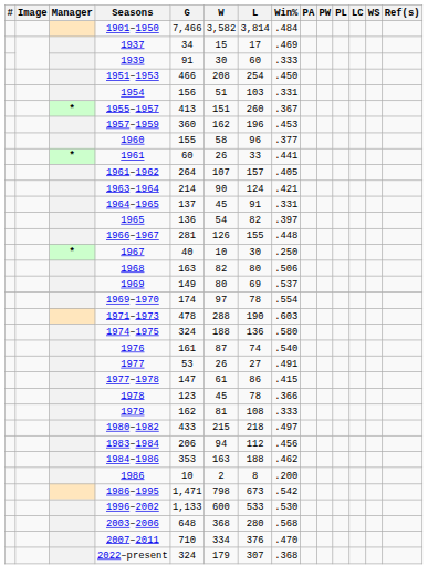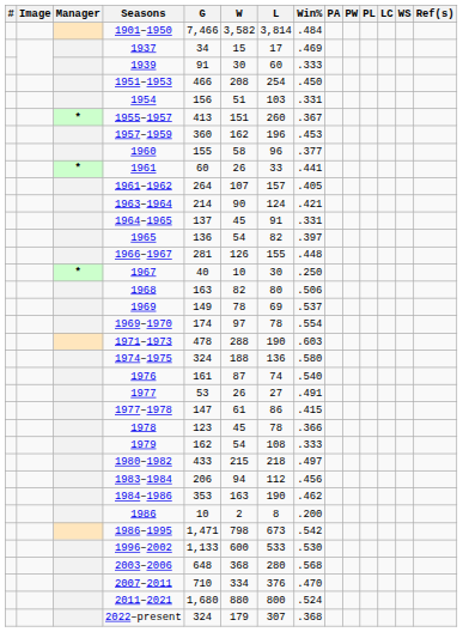 <table class="wikitable sortable plainrowheaders" style="text-align:center">
 <tr>
 <th scope="col">#</th>
 <th scope="col">Image</th>
 <th scope="col">Manager</th>
 <th scope="col">Seasons</th>
 <th scope="col">G</th>
 <th scope="col">W</th>
 <th scope="col">L</th>
 <th scope="col">Win%</th>
 <th scope="col">PA</th>
 <th scope="col">PW</th>
 <th scope="col">PL</th>
 <th scope="col">LC</th>
 <th scope="col">WS</th>
 <th scope="col" class="unsortable">Ref(s)</th>
 </tr>
 <tr>
 <td align="center"></td>
 <td></td>
 <th scope="row" style="background-color:#FFE6BD; text-align: center;"><sup></sup></th>
 <td><a href='#'>1901</a>–<a href='#'>1950</a></td>
 <td>7,466</td>
 <td>3,582</td>
 <td>3,814</td>
 <td>.484</td>
 <td></td>
 <td></td>
 <td></td>
 <td></td>
 <td></td>
 <td></td>
 </tr>
 <tr>
 <td align="center"></td>
 <td rowspan=2></td>
 <th scope="row" style="text-align: center;"></th>
 <td><a href='#'>1937</a></td>
 <td>34</td>
 <td>15</td>
 <td>17</td>
 <td>.469</td>
 <td></td>
 <td></td>
 <td></td>
 <td></td>
 <td></td>
 <td></td>
 </tr>
 <tr>
 <td align="center"></td>
 <th scope="row" style="text-align: center;"></th>
 <td><a href='#'>1939</a></td>
 <td>91</td>
 <td>30</td>
 <td>60</td>
 <td>.333</td>
 <td></td>
 <td></td>
 <td></td>
 <td></td>
 <td></td>
 <td></td>
 </tr>
 <tr>
 <td align="center"></td>
 <td></td>
 <th scope="row" style="text-align: center;"></th>
 <td><a href='#'>1951</a>–<a href='#'>1953</a></td>
 <td>466</td>
 <td>208</td>
 <td>254</td>
 <td>.450</td>
 <td></td>
 <td></td>
 <td></td>
 <td></td>
 <td></td>
 <td></td>
 </tr>
 <tr>
 <td align="center"></td>
 <td></td>
 <th scope="row" style="text-align: center;"></th>
 <td><a href='#'>1954</a></td>
 <td>156</td>
 <td>51</td>
 <td>103</td>
 <td>.331</td>
 <td></td>
 <td></td>
 <td></td>
 <td></td>
 <td></td>
 <td></td>
 </tr>
 <tr>
 <td align="center"></td>
 <td></td>
 <th scope="row" style="background-color:#CCFFCC; text-align: center;">*</th>
 <td><a href='#'>1955</a>–<a href='#'>1957</a></td>
 <td>413</td>
 <td>151</td>
 <td>260</td>
 <td>.367</td>
 <td></td>
 <td></td>
 <td></td>
 <td></td>
 <td></td>
 <td></td>
 </tr>
 <tr>
 <td align="center"></td>
 <td></td>
 <th scope="row" style="text-align: center;"></th>
 <td><a href='#'>1957</a>–<a href='#'>1959</a></td>
 <td>360</td>
 <td>162</td>
 <td>196</td>
 <td>.453</td>
 <td></td>
 <td></td>
 <td></td>
 <td></td>
 <td></td>
 <td></td>
 </tr>
 <tr>
 <td align="center"></td>
 <td></td>
 <th scope="row" style="text-align: center;"></th>
 <td><a href='#'>1960</a></td>
 <td>155</td>
 <td>58</td>
 <td>96</td>
 <td>.377</td>
 <td></td>
 <td></td>
 <td></td>
 <td></td>
 <td></td>
 <td></td>
 </tr>
 <tr>
 <td align="center"></td>
 <td></td>
 <th scope="row" style="background-color:#CCFFCC; text-align: center;">*</th>
 <td><a href='#'>1961</a></td>
 <td>60</td>
 <td>26</td>
 <td>33</td>
 <td>.441</td>
 <td></td>
 <td></td>
 <td></td>
 <td></td>
 <td></td>
 <td></td>
 </tr>
 <tr>
 <td align="center"></td>
 <td></td>
 <th scope="row" style="text-align: center;"></th>
 <td><a href='#'>1961</a>–<a href='#'>1962</a></td>
 <td>264</td>
 <td>107</td>
 <td>157</td>
 <td>.405</td>
 <td></td>
 <td></td>
 <td></td>
 <td></td>
 <td></td>
 <td></td>
 </tr>
 <tr>
 <td align="center"></td>
 <td></td>
 <th scope="row" style="text-align: center;"></th>
 <td><a href='#'>1963</a>–<a href='#'>1964</a></td>
 <td>214</td>
 <td>90</td>
 <td>124</td>
 <td>.421</td>
 <td></td>
 <td></td>
 <td></td>
 <td></td>
 <td></td>
 <td></td>
 </tr>
 <tr>
 <td align="center"></td>
 <td></td>
 <th scope="row" style="text-align: center;"></th>
 <td><a href='#'>1964</a>–<a href='#'>1965</a></td>
 <td>137</td>
 <td>45</td>
 <td>91</td>
 <td>.331</td>
 <td></td>
 <td></td>
 <td></td>
 <td></td>
 <td></td>
 <td></td>
 </tr>
 <tr>
 <td align="center"></td>
 <td></td>
 <th scope="row" style="text-align: center;"></th>
 <td><a href='#'>1965</a></td>
 <td>136</td>
 <td>54</td>
 <td>82</td>
 <td>.397</td>
 <td></td>
 <td></td>
 <td></td>
 <td></td>
 <td></td>
 <td></td>
 </tr>
 <tr>
 <td align="center"></td>
 <td></td>
 <th scope="row" style="text-align: center;"></th>
 <td><a href='#'>1966</a>–<a href='#'>1967</a></td>
 <td>281</td>
 <td>126</td>
 <td>155</td>
 <td>.448</td>
 <td></td>
 <td></td>
 <td></td>
 <td></td>
 <td></td>
 <td></td>
 </tr>
 <tr>
 <td align="center"></td>
 <td></td>
 <th scope="row" style="background-color:#CCFFCC; text-align: center;">*</th>
 <td><a href='#'>1967</a></td>
 <td>40</td>
 <td>10</td>
 <td>30</td>
 <td>.250</td>
 <td></td>
 <td></td>
 <td></td>
 <td></td>
 <td></td>
 <td></td>
 </tr>
 <tr>
 <td align="center"></td>
 <td></td>
 <th scope="row" style="text-align: center;"></th>
 <td><a href='#'>1968</a></td>
 <td>163</td>
 <td>82</td>
 <td>80</td>
 <td>.506</td>
 <td></td>
 <td></td>
 <td></td>
 <td></td>
 <td></td>
 <td></td>
 </tr>
 <tr>
 <td align="center"></td>
 <td></td>
 <th scope="row" style="text-align: center;"></th>
 <td><a href='#'>1969</a></td>
 <td>149</td>
-<td>80</td>
+<td>78</td>
 <td>69</td>
 <td>.537</td>
 <td></td>
 <td></td>
 <td></td>
 <td></td>
 <td></td>
 <td></td>
 </tr>
 <tr>
 <td align="center"></td>
 <td></td>
 <th scope="row" style="text-align: center;"></th>
 <td><a href='#'>1969</a>–<a href='#'>1970</a></td>
 <td>174</td>
 <td>97</td>
 <td>78</td>
 <td>.554</td>
 <td></td>
 <td></td>
 <td></td>
 <td></td>
 <td></td>
 <td></td>
 </tr>
 <tr>
 <td align="center"></td>
 <td></td>
 <th scope="row" style="background-color:#FFE6BD; text-align: center;"><sup></sup></th>
 <td><a href='#'>1971</a>–<a href='#'>1973</a></td>
 <td>478</td>
 <td>288</td>
 <td>190</td>
 <td>.603</td>
 <td></td>
 <td></td>
 <td></td>
 <td></td>
 <td></td>
 <td></td>
 </tr>
 <tr>
 <td align="center"></td>
 <td></td>
 <th scope="row" style="text-align: center;"></th>
 <td><a href='#'>1974</a>–<a href='#'>1975</a></td>
 <td>324</td>
 <td>188</td>
 <td>136</td>
 <td>.580</td>
 <td></td>
 <td></td>
 <td></td>
 <td></td>
 <td></td>
 <td></td>
 </tr>
 <tr>
 <td align="center"></td>
 <td></td>
 <th scope="row" style="text-align: center;"></th>
 <td><a href='#'>1976</a></td>
 <td>161</td>
 <td>87</td>
 <td>74</td>
 <td>.540</td>
 <td></td>
 <td></td>
 <td></td>
 <td></td>
 <td></td>
 <td></td>
 </tr>
 <tr>
 <td align="center"></td>
 <td></td>
 <th scope="row" style="text-align: center;"></th>
 <td><a href='#'>1977</a></td>
 <td>53</td>
 <td>26</td>
 <td>27</td>
 <td>.491</td>
 <td></td>
 <td></td>
 <td></td>
 <td></td>
 <td></td>
 <td></td>
 </tr>
 <tr>
 <td align="center"></td>
 <td></td>
 <th scope="row" style="text-align: center;"></th>
 <td><a href='#'>1977</a>–<a href='#'>1978</a></td>
 <td>147</td>
 <td>61</td>
 <td>86</td>
 <td>.415</td>
 <td></td>
 <td></td>
 <td></td>
 <td></td>
 <td></td>
 <td></td>
 </tr>
 <tr>
 <td align="center"></td>
 <td></td>
 <th scope="row" style="text-align: center;"></th>
 <td><a href='#'>1978</a></td>
 <td>123</td>
 <td>45</td>
 <td>78</td>
 <td>.366</td>
 <td></td>
 <td></td>
 <td></td>
 <td></td>
 <td></td>
 <td></td>
 </tr>
 <tr>
 <td align="center"></td>
 <td></td>
 <th scope="row" style="text-align: center;"></th>
 <td><a href='#'>1979</a></td>
 <td>162</td>
-<td>81</td>
+<td>54</td>
 <td>108</td>
 <td>.333</td>
 <td></td>
 <td></td>
 <td></td>
 <td></td>
 <td></td>
 <td></td>
 </tr>
 <tr>
 <td align="center"></td>
 <td></td>
 <th scope="row" style="text-align: center;"></th>
 <td><a href='#'>1980</a>–<a href='#'>1982</a></td>
 <td>433</td>
 <td>215</td>
 <td>218</td>
 <td>.497</td>
 <td></td>
 <td></td>
 <td></td>
 <td></td>
 <td></td>
 <td></td>
 </tr>
 <tr>
 <td align="center"></td>
 <td></td>
 <th scope="row" style="text-align: center;"></th>
 <td><a href='#'>1983</a>–<a href='#'>1984</a></td>
 <td>206</td>
 <td>94</td>
 <td>112</td>
 <td>.456</td>
 <td></td>
 <td></td>
 <td></td>
 <td></td>
 <td></td>
 <td></td>
 </tr>
 <tr>
 <td align="center"></td>
 <td></td>
 <th scope="row" style="text-align: center;"></th>
 <td><a href='#'>1984</a>–<a href='#'>1986</a></td>
 <td>353</td>
 <td>163</td>
-<td>188</td>
+<td>190</td>
 <td>.462</td>
 <td></td>
 <td></td>
 <td></td>
 <td></td>
 <td></td>
 <td></td>
 </tr>
 <tr>
 <td align="center"></td>
 <td></td>
 <th scope="row" style="text-align: center;"></th>
 <td><a href='#'>1986</a></td>
 <td>10</td>
 <td>2</td>
 <td>8</td>
 <td>.200</td>
 <td></td>
 <td></td>
 <td></td>
 <td></td>
 <td></td>
 <td></td>
 </tr>
 <tr>
 <td align="center"></td>
 <td></td>
 <th scope="row" style="background-color:#FFE6BD; text-align: center;"><sup></sup></th>
 <td><a href='#'>1986</a>–<a href='#'>1995</a></td>
 <td>1,471</td>
 <td>798</td>
 <td>673</td>
 <td>.542</td>
 <td></td>
 <td></td>
 <td></td>
 <td></td>
 <td></td>
 <td></td>
 </tr>
 <tr>
 <td align="center"></td>
 <td></td>
 <th scope="row" style="text-align: center;"></th>
 <td><a href='#'>1996</a>–<a href='#'>2002</a></td>
 <td>1,133</td>
 <td>600</td>
 <td>533</td>
 <td>.530</td>
 <td></td>
 <td></td>
 <td></td>
 <td></td>
 <td></td>
 <td></td>
 </tr>
 <tr>
 <td align="center"></td>
 <td></td>
 <th scope="row" style="text-align: center;"></th>
 <td><a href='#'>2003</a>–<a href='#'>2006</a></td>
 <td>648</td>
 <td>368</td>
 <td>280</td>
 <td>.568</td>
 <td></td>
 <td></td>
 <td></td>
 <td></td>
 <td></td>
 <td></td>
 </tr>
 <tr>
 <td align="center"></td>
 <td></td>
 <th scope="row" style="text-align: center;"></th>
 <td><a href='#'>2007</a>–<a href='#'>2011</a></td>
 <td>710</td>
 <td>334</td>
 <td>376</td>
 <td>.470</td>
 <td></td>
 <td></td>
 <td></td>
 <td></td>
 <td></td>
 <td></td>
 </tr>
 <tr>
 <td align="center"></td>
 <td></td>
 <th scope="row" style="text-align: center;"></th>
+<td><a href='#'>2011</a>–<a href='#'>2021</a></td>
+<td>1,680</td>
+<td>880</td>
+<td>800</td>
+<td>.524</td>
+<td></td>
+<td></td>
+<td></td>
+<td></td>
+<td></td>
+<td></td>
+</tr>
+<tr>
+<td align="center"></td>
+<td></td>
+<th scope="row" style="text-align: center;"></th>
 <td><a href='#'>2022</a>–present</td>
 <td>324</td>
 <td>179</td>
 <td>307</td>
 <td>.368</td>
 <td></td>
 <td></td>
 <td></td>
 <td></td>
 <td></td>
 <td></td>
 </tr>
 </table>
